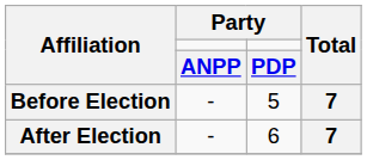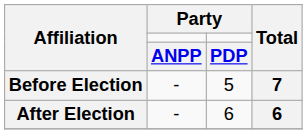 <table class="wikitable" style="text-align:center">
 <tr>
 <th rowspan="3">Affiliation</th>
 <th colspan="2">Party</th>
 <th rowspan="3">Total</th>
 </tr>
 <tr>
 <td style="background-color:"></td>
 <td style="background-color:"></td>
 </tr>
 <tr>
 <th><a href='#'>ANPP</a></th>
 <th><a href='#'>PDP</a></th>
 </tr>
 <tr>
 <th>Before Election</th>
 <td>-</td>
 <td>5</td>
 <th>7</th>
 </tr>
 <tr>
 <th>After Election</th>
 <td>-</td>
 <td>6</td>
-<th>7</th>
+<th>6</th>
 </tr>
 <tr>
 </tr>
 </table>
